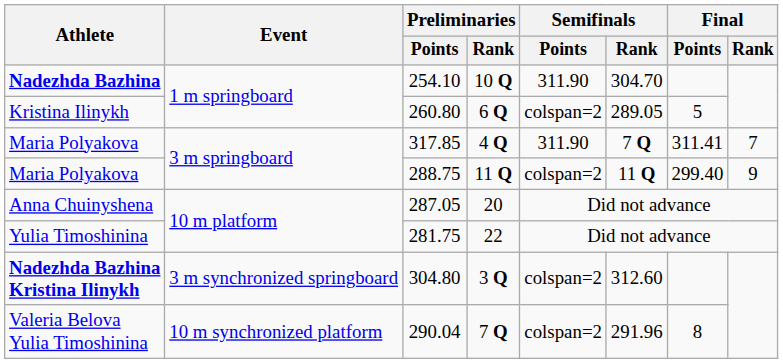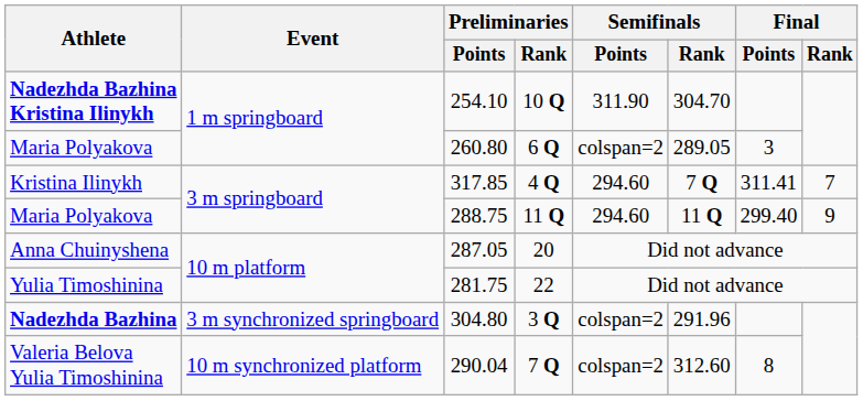 <table class=wikitable style="font-size:90%;">
 <tr>
 <th rowspan="2">Athlete</th>
 <th rowspan="2">Event</th>
 <th colspan="2">Preliminaries</th>
 <th colspan="2">Semifinals</th>
 <th colspan="2">Final</th>
 </tr>
 <tr style="font-size:95%">
 <th>Points</th>
 <th>Rank</th>
 <th>Points</th>
 <th>Rank</th>
 <th>Points</th>
 <th>Rank</th>
 </tr>
 <tr align=center>
-<td align=left><strong><a href='#'>Nadezhda Bazhina</a></strong></td>
+<td align=left><strong><a href='#'>Nadezhda Bazhina</a><br><a href='#'>Kristina Ilinykh</a></strong></td>
 <td align=left rowspan=2><a href='#'>1 m springboard</a></td>
 <td>254.10</td>
 <td>10 <strong>Q</strong></td>
 <td>311.90</td>
 <td>304.70</td>
 <td></td>
 </tr>
 <tr align=center>
-<td align=left><a href='#'>Kristina Ilinykh</a></td>
+<td align=left><a href='#'>Maria Polyakova</a></td>
 <td>260.80</td>
 <td>6 <strong>Q</strong></td>
 <td>colspan=2 </td>
 <td>289.05</td>
-<td>5</td>
+<td>3</td>
 </tr>
 <tr align=center>
-<td align=left><a href='#'>Maria Polyakova</a></td>
+<td align=left><a href='#'>Kristina Ilinykh</a></td>
 <td align=left rowspan=2><a href='#'>3 m springboard</a></td>
 <td>317.85</td>
 <td>4 <strong>Q</strong></td>
-<td>311.90</td>
+<td>294.60</td>
 <td>7 <strong>Q</strong></td>
 <td>311.41</td>
 <td>7</td>
 </tr>
 <tr align=center>
 <td align=left><a href='#'>Maria Polyakova</a></td>
 <td>288.75</td>
 <td>11 <strong>Q</strong></td>
-<td>colspan=2 </td>
+<td>294.60</td>
 <td>11 <strong>Q</strong></td>
 <td>299.40</td>
 <td>9</td>
 </tr>
 <tr align=center>
 <td align=left><a href='#'>Anna Chuinyshena</a></td>
 <td align=left rowspan=2><a href='#'>10 m platform</a></td>
 <td>287.05</td>
 <td>20</td>
 <td colspan=4>Did not advance</td>
 </tr>
 <tr align=center>
 <td align=left><a href='#'>Yulia Timoshinina</a></td>
 <td>281.75</td>
 <td>22</td>
 <td colspan=4>Did not advance</td>
 </tr>
 <tr align=center>
-<td align=left><strong><a href='#'>Nadezhda Bazhina</a><br><a href='#'>Kristina Ilinykh</a></strong></td>
+<td align=left><strong><a href='#'>Nadezhda Bazhina</a></strong></td>
 <td align=left><a href='#'>3 m synchronized springboard</a></td>
 <td>304.80</td>
 <td>3 <strong>Q</strong></td>
 <td>colspan=2 </td>
-<td>312.60</td>
+<td>291.96</td>
 <td></td>
 </tr>
 <tr align=center>
 <td align=left><a href='#'>Valeria Belova</a><br><a href='#'>Yulia Timoshinina</a></td>
 <td align=left><a href='#'>10 m synchronized platform</a></td>
 <td>290.04</td>
 <td>7 <strong>Q</strong></td>
 <td>colspan=2 </td>
-<td>291.96</td>
+<td>312.60</td>
 <td>8</td>
 </tr>
 </table>
